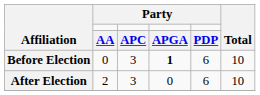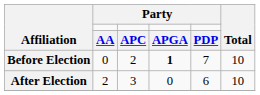 <table class=wikitable style="text-align:center">
 <tr style="vertical-align:bottom;">
 <th rowspan=3>Affiliation</th>
 <th colspan="4">Party</th>
 <th rowspan=3>Total</th>
 </tr>
 <tr>
 <td style="background-color:"></td>
 <td style="background-color:"></td>
 <td style="background-color:"></td>
 <td style="background-color:"></td>
 </tr>
 <tr>
 <th><a href='#'>AA</a></th>
 <th><a href='#'>APC</a></th>
 <th><a href='#'>APGA</a></th>
 <th><a href='#'>PDP</a></th>
 </tr>
 <tr>
 <th>Before Election</th>
 <td>0</td>
-<td>3</td>
+<td>2</td>
 <td><strong>1</strong></td>
-<td>6</td>
+<td>7</td>
 <td>10</td>
 </tr>
 <tr>
 <th>After Election</th>
 <td>2</td>
 <td>3</td>
 <td>0</td>
 <td>6</td>
 <td>10</td>
 </tr>
 <tr>
 </tr>
 </table>
